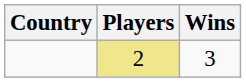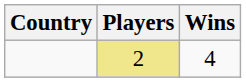 <table class="wikitable">
 <tr>
 <th>Country</th>
 <th>Players</th>
 <th>Wins</th>
 </tr>
 <tr>
 <td></td>
 <td align=center style="background: khaki;">2</td>
-<td align=center>3</td>
+<td align=center>4</td>
 </tr>
 </table>
